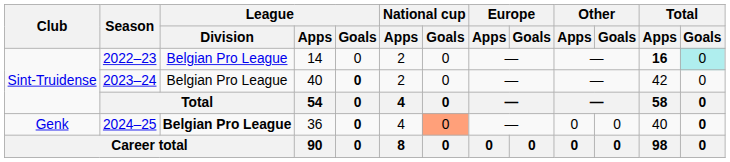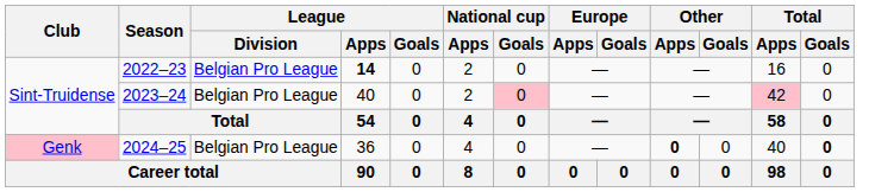 <table class="wikitable" style="text-align: center">
 <tr>
 <th rowspan="2">Club</th>
 <th rowspan="2">Season</th>
 <th colspan="3">League</th>
 <th colspan="2">National cup</th>
 <th colspan="2">Europe</th>
 <th colspan="2">Other</th>
 <th colspan="2">Total</th>
 </tr>
 <tr>
 <th>Division</th>
 <th>Apps</th>
 <th>Goals</th>
 <th>Apps</th>
 <th>Goals</th>
 <th>Apps</th>
 <th>Goals</th>
 <th>Apps</th>
 <th>Goals</th>
 <th>Apps</th>
 <th>Goals</th>
 </tr>
 <tr>
 <td rowspan="3"><a href='#'>Sint-Truidense</a></td>
 <td><a href='#'>2022–23</a></td>
 <td><a href='#'>Belgian Pro League</a></td>
-<td>14</td>
+<td><strong>14</strong></td>
 <td>0</td>
 <td>2</td>
 <td>0</td>
 <td colspan="2">—</td>
 <td colspan="2">—</td>
-<td><strong>16</strong></td>
-<td style="background: paleturquoise;">0</td>
+<td>16</td>
+<td>0</td>
 </tr>
 <tr>
 <td><a href='#'>2023–24</a></td>
 <td>Belgian Pro League</td>
 <td>40</td>
-<td><strong>0</strong></td>
+<td>0</td>
 <td>2</td>
-<td>0</td>
+<td style="background: pink;">0</td>
 <td colspan="2">—</td>
 <td colspan="2">—</td>
-<td>42</td>
+<td style="background: pink;">42</td>
 <td>0</td>
 </tr>
 <tr>
 <th colspan="2">Total</th>
 <th>54</th>
 <th>0</th>
 <th>4</th>
 <th>0</th>
 <th colspan="2">—</th>
 <th colspan="2">—</th>
 <th>58</th>
 <th>0</th>
 </tr>
 <tr>
-<td><a href='#'>Genk</a></td>
+<td style="background: pink;"><a href='#'>Genk</a></td>
 <td><a href='#'>2024–25</a></td>
-<td><strong>Belgian Pro League</strong></td>
+<td>Belgian Pro League</td>
 <td>36</td>
+<td>0</td>
+<td>4</td>
+<td>0</td>
+<td colspan="2">—</td>
 <td><strong>0</strong></td>
-<td>4</td>
-<td style="background: lightsalmon;">0</td>
-<td colspan="2">—</td>
-<td>0</td>
 <td>0</td>
 <td>40</td>
 <td><strong>0</strong></td>
 </tr>
 <tr>
 <th colspan="3">Career total</th>
 <th>90</th>
 <th>0</th>
 <th>8</th>
 <th>0</th>
 <th>0</th>
 <th>0</th>
 <th>0</th>
 <th>0</th>
 <th>98</th>
 <th>0</th>
 </tr>
 </table>
